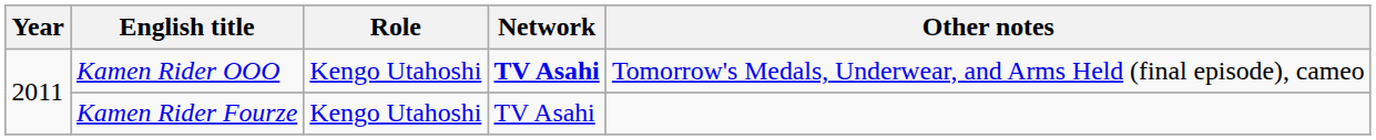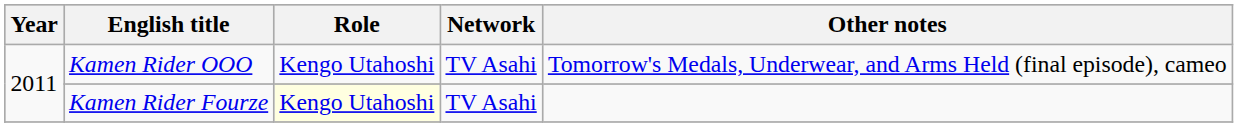 <table class="wikitable" style="font-size: 90%;">
 <tr>
 <th>Year</th>
 <th>English title</th>
 <th>Role</th>
 <th>Network</th>
 <th>Other notes</th>
 </tr>
 <tr>
 <td rowspan="2">2011</td>
 <td><em><a href='#'>Kamen Rider OOO</a></em></td>
 <td><a href='#'>Kengo Utahoshi</a></td>
-<td><strong><a href='#'>TV Asahi</a></strong></td>
+<td><a href='#'>TV Asahi</a></td>
 <td><a href='#'>Tomorrow's Medals, Underwear, and Arms Held</a> (final episode), cameo</td>
 </tr>
 <tr>
 <td><em><a href='#'>Kamen Rider Fourze</a></em></td>
-<td><a href='#'>Kengo Utahoshi</a></td>
+<td style="background: lightyellow;"><a href='#'>Kengo Utahoshi</a></td>
 <td><a href='#'>TV Asahi</a></td>
 <td></td>
 </tr>
 </table>
